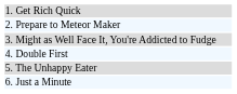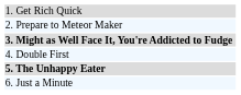 <table style="width:40%; height:100px" border="0">
 <tr>
 <td style="background:gainsboro">1. Get Rich Quick</td>
 </tr>
 <tr>
 <td style="background:aliceblue">2. Prepare to Meteor Maker</td>
 </tr>
 <tr>
-<td style="background:gainsboro">3. Might as Well Face It, You're Addicted to Fudge</td>
+<td style="background:gainsboro"><strong>3. Might as Well Face It, You're Addicted to Fudge</strong></td>
 </tr>
 <tr>
 <td style="background:aliceblue">4. Double First</td>
 </tr>
 <tr>
-<td style="background:gainsboro">5. The Unhappy Eater</td>
+<td style="background:gainsboro"><strong>5. The Unhappy Eater</strong></td>
 </tr>
 <tr>
 <td style="background:aliceblue">6. Just a Minute</td>
 </tr>
 </table>
